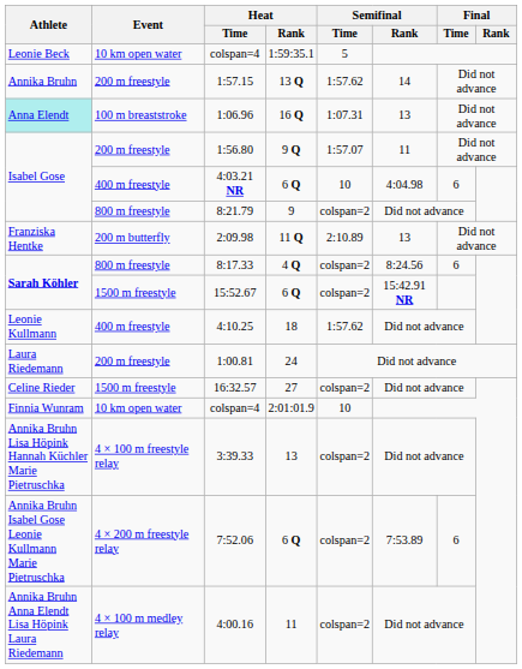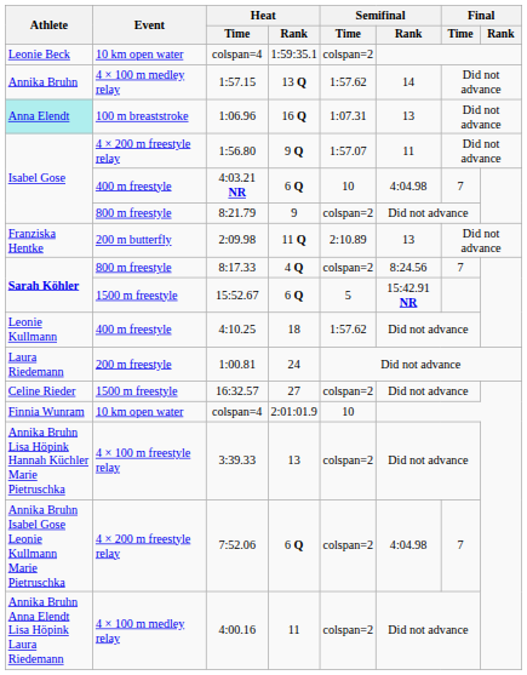 <table class=wikitable style="font-size:90%">
 <tr>
 <th rowspan="2">Athlete</th>
 <th rowspan="2">Event</th>
 <th colspan="2">Heat</th>
 <th colspan="2">Semifinal</th>
 <th colspan="2">Final</th>
 </tr>
 <tr style="font-size:95%">
 <th>Time</th>
 <th>Rank</th>
 <th>Time</th>
 <th>Rank</th>
 <th>Time</th>
 <th>Rank</th>
 </tr>
 <tr align=center>
 <td align=left><a href='#'>Leonie Beck</a></td>
 <td align=left><a href='#'>10 km open water</a></td>
 <td>colspan=4 </td>
 <td>1:59:35.1</td>
-<td>5</td>
+<td>colspan=2 </td>
 </tr>
 <tr align=center>
 <td align=left><a href='#'>Annika Bruhn</a></td>
-<td align=left><a href='#'>200 m freestyle</a></td>
+<td align=left><a href='#'>4 × 100 m medley relay</a></td>
 <td>1:57.15</td>
 <td>13 <strong>Q</strong></td>
 <td>1:57.62</td>
 <td>14</td>
 <td colspan="2">Did not advance</td>
 </tr>
 <tr align=center>
 <td align=left style="background: paleturquoise;"><a href='#'>Anna Elendt</a></td>
 <td align=left><a href='#'>100 m breaststroke</a></td>
 <td>1:06.96</td>
 <td>16 <strong>Q</strong></td>
 <td>1:07.31</td>
 <td>13</td>
 <td colspan="2">Did not advance</td>
 </tr>
 <tr align=center>
 <td align=left rowspan=3><a href='#'>Isabel Gose</a></td>
-<td align=left><a href='#'>200 m freestyle</a></td>
+<td align=left><a href='#'>4 × 200 m freestyle relay</a></td>
 <td>1:56.80</td>
 <td>9 <strong>Q</strong></td>
 <td>1:57.07</td>
 <td>11</td>
 <td colspan="2">Did not advance</td>
 </tr>
 <tr align=center>
 <td align=left><a href='#'>400 m freestyle</a></td>
 <td>4:03.21 <strong><a href='#'>NR</a></strong></td>
 <td>6 <strong>Q</strong></td>
 <td>10</td>
 <td>4:04.98</td>
-<td>6</td>
+<td>7</td>
 </tr>
 <tr align=center>
 <td align=left><a href='#'>800 m freestyle</a></td>
 <td>8:21.79</td>
 <td>9</td>
 <td>colspan=2 </td>
 <td colspan="2">Did not advance</td>
 </tr>
 <tr align=center>
 <td align=left><a href='#'>Franziska Hentke</a></td>
 <td align=left><a href='#'>200 m butterfly</a></td>
 <td>2:09.98</td>
 <td>11 <strong>Q</strong></td>
 <td>2:10.89</td>
 <td>13</td>
 <td colspan="2">Did not advance</td>
 </tr>
 <tr align=center>
 <td align=left rowspan=2><strong><a href='#'>Sarah Köhler</a></strong></td>
 <td align=left><a href='#'>800 m freestyle</a></td>
 <td>8:17.33</td>
 <td>4 <strong>Q</strong></td>
 <td>colspan=2 </td>
 <td>8:24.56</td>
-<td>6</td>
+<td>7</td>
 </tr>
 <tr align=center>
 <td align=left><a href='#'>1500 m freestyle</a></td>
 <td>15:52.67</td>
 <td>6 <strong>Q</strong></td>
-<td>colspan=2 </td>
+<td>5</td>
 <td>15:42.91 <strong><a href='#'>NR</a></strong></td>
 <td></td>
 </tr>
 <tr align=center>
 <td align=left><a href='#'>Leonie Kullmann</a></td>
 <td align=left><a href='#'>400 m freestyle</a></td>
 <td>4:10.25</td>
 <td>18</td>
 <td>1:57.62</td>
 <td colspan="2">Did not advance</td>
 </tr>
 <tr align=center>
 <td align=left><a href='#'>Laura Riedemann</a></td>
 <td align=left><a href='#'>200 m freestyle</a></td>
 <td>1:00.81</td>
 <td>24</td>
 <td colspan="4">Did not advance</td>
 </tr>
 <tr align=center>
 <td align=left><a href='#'>Celine Rieder</a></td>
 <td align=left><a href='#'>1500 m freestyle</a></td>
 <td>16:32.57</td>
 <td>27</td>
 <td>colspan=2 </td>
 <td colspan="2">Did not advance</td>
 </tr>
 <tr align=center>
 <td align=left><a href='#'>Finnia Wunram</a></td>
 <td align=left><a href='#'>10 km open water</a></td>
 <td>colspan=4 </td>
 <td>2:01:01.9</td>
 <td>10</td>
 </tr>
 <tr align=center>
 <td align=left><a href='#'>Annika Bruhn</a><br><a href='#'>Lisa Höpink</a><br><a href='#'>Hannah Küchler</a><br><a href='#'>Marie Pietruschka</a></td>
 <td align=left><a href='#'>4 × 100 m freestyle relay</a></td>
 <td>3:39.33</td>
 <td>13</td>
 <td>colspan=2 </td>
 <td colspan="2">Did not advance</td>
 </tr>
 <tr align=center>
 <td align=left><a href='#'>Annika Bruhn</a><br><a href='#'>Isabel Gose</a><br><a href='#'>Leonie Kullmann</a><br><a href='#'>Marie Pietruschka</a></td>
 <td align=left><a href='#'>4 × 200 m freestyle relay</a></td>
 <td>7:52.06</td>
 <td>6 <strong>Q</strong></td>
 <td>colspan=2 </td>
-<td>7:53.89</td>
-<td>6</td>
+<td>4:04.98</td>
+<td>7</td>
 </tr>
 <tr align=center>
 <td align=left><a href='#'>Annika Bruhn</a><br><a href='#'>Anna Elendt</a><br><a href='#'>Lisa Höpink</a><br><a href='#'>Laura Riedemann</a></td>
 <td align=left><a href='#'>4 × 100 m medley relay</a></td>
 <td>4:00.16</td>
 <td>11</td>
 <td>colspan=2 </td>
 <td colspan="2">Did not advance</td>
 </tr>
 </table>
